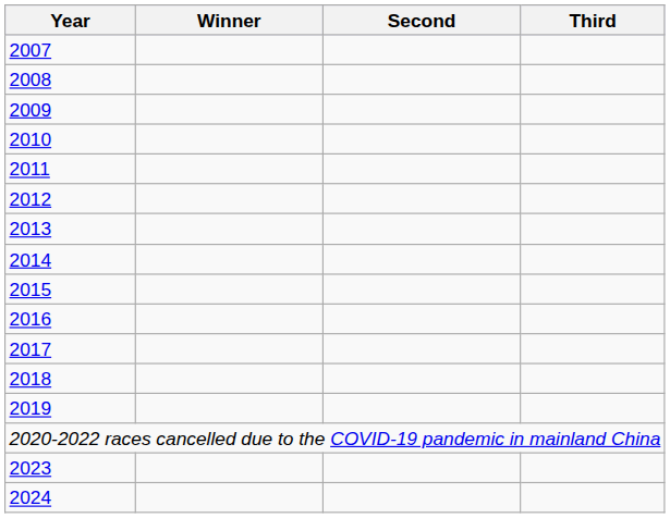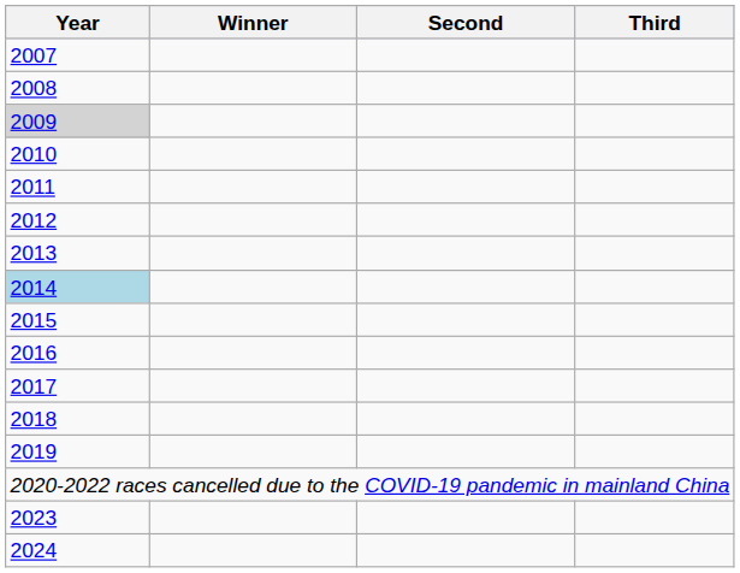 <table class="wikitable sortable" style="font-size:95%">
 <tr style="background:#ccccff;">
 <th>Year</th>
 <th>Winner</th>
 <th>Second</th>
 <th>Third</th>
 </tr>
 <tr>
 <td><a href='#'>2007</a></td>
 <td></td>
 <td></td>
 <td></td>
 </tr>
 <tr>
 <td><a href='#'>2008</a></td>
 <td></td>
 <td></td>
 <td></td>
 </tr>
 <tr>
-<td><a href='#'>2009</a></td>
+<td style="background: lightgrey;"><a href='#'>2009</a></td>
 <td></td>
 <td></td>
 <td></td>
 </tr>
 <tr>
 <td><a href='#'>2010</a></td>
 <td></td>
 <td></td>
 <td></td>
 </tr>
 <tr>
 <td><a href='#'>2011</a></td>
 <td></td>
 <td></td>
 <td></td>
 </tr>
 <tr>
 <td><a href='#'>2012</a></td>
 <td></td>
 <td></td>
 <td></td>
 </tr>
 <tr>
 <td><a href='#'>2013</a></td>
 <td></td>
 <td></td>
 <td></td>
 </tr>
 <tr>
-<td><a href='#'>2014</a></td>
+<td style="background: lightblue;"><a href='#'>2014</a></td>
 <td></td>
 <td></td>
 <td></td>
 </tr>
 <tr>
 <td><a href='#'>2015</a></td>
 <td></td>
 <td></td>
 <td></td>
 </tr>
 <tr>
 <td><a href='#'>2016</a></td>
 <td></td>
 <td></td>
 <td></td>
 </tr>
 <tr>
 <td><a href='#'>2017</a></td>
 <td></td>
 <td></td>
 <td></td>
 </tr>
 <tr>
 <td><a href='#'>2018</a></td>
 <td></td>
 <td></td>
 <td></td>
 </tr>
 <tr>
 <td><a href='#'>2019</a></td>
 <td></td>
 <td></td>
 <td></td>
 </tr>
 <tr style="text-align:center;">
 <td colspan=4><em>2020-2022 races cancelled due to the <a href='#'>COVID-19 pandemic in mainland China</a></em></td>
 </tr>
 <tr>
 <td><a href='#'>2023</a></td>
 <td></td>
 <td></td>
 <td></td>
 </tr>
 <tr>
 <td><a href='#'>2024</a></td>
 <td></td>
 <td></td>
 <td></td>
 </tr>
 </table>
